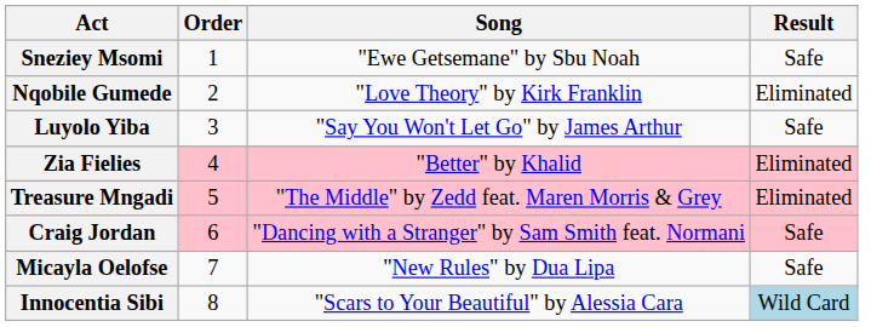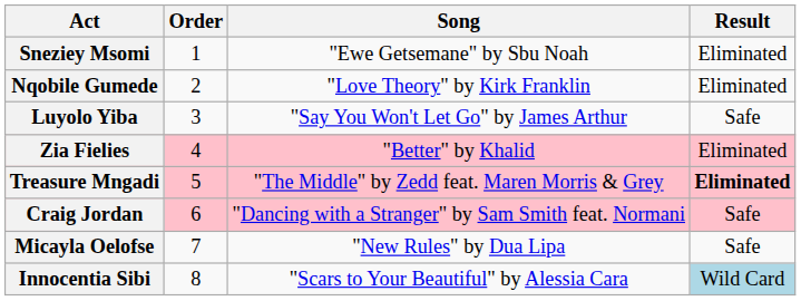 <table class="wikitable plainrowheaders" style="text-align:center;">
 <tr>
 <th scope="col">Act</th>
 <th scope="col">Order</th>
 <th scope="cool">Song</th>
 <th scope="col">Result</th>
 </tr>
 <tr>
 <th scope=row>Sneziey Msomi</th>
 <td>1</td>
 <td>"Ewe Getsemane" by Sbu Noah</td>
-<td>Safe</td>
+<td>Eliminated</td>
 </tr>
 <tr>
 <th scope=row>Nqobile Gumede</th>
 <td>2</td>
 <td>"<a href='#'>Love Theory</a>" by <a href='#'>Kirk Franklin</a></td>
 <td>Eliminated</td>
 </tr>
 <tr>
 <th scope=row>Luyolo Yiba</th>
 <td>3</td>
 <td>"<a href='#'>Say You Won't Let Go</a>" by <a href='#'>James Arthur</a></td>
 <td>Safe</td>
 </tr>
 <tr style="background:pink;">
 <th scope=row>Zia Fielies</th>
 <td>4</td>
 <td>"<a href='#'>Better</a>" by <a href='#'>Khalid</a></td>
 <td>Eliminated</td>
 </tr>
 <tr style="background:pink;">
 <th scope=row>Treasure Mngadi</th>
 <td>5</td>
 <td>"<a href='#'>The Middle</a>" by <a href='#'>Zedd</a> feat. <a href='#'>Maren Morris</a> & <a href='#'>Grey</a></td>
-<td>Eliminated</td>
+<td><strong>Eliminated</strong></td>
 </tr>
 <tr style="background:pink;">
 <th scope=row>Craig Jordan</th>
 <td>6</td>
 <td>"<a href='#'>Dancing with a Stranger</a>" by <a href='#'>Sam Smith</a> feat. <a href='#'>Normani</a></td>
 <td>Safe</td>
 </tr>
 <tr>
 <th scope=row>Micayla Oelofse</th>
 <td>7</td>
 <td>"<a href='#'>New Rules</a>" by <a href='#'>Dua Lipa</a></td>
 <td>Safe</td>
 </tr>
 <tr>
 <th scope=row>Innocentia Sibi</th>
 <td>8</td>
 <td>"<a href='#'>Scars to Your Beautiful</a>" by <a href='#'>Alessia Cara</a></td>
 <td style="background: #add8e6">Wild Card</td>
 </tr>
 </table>
